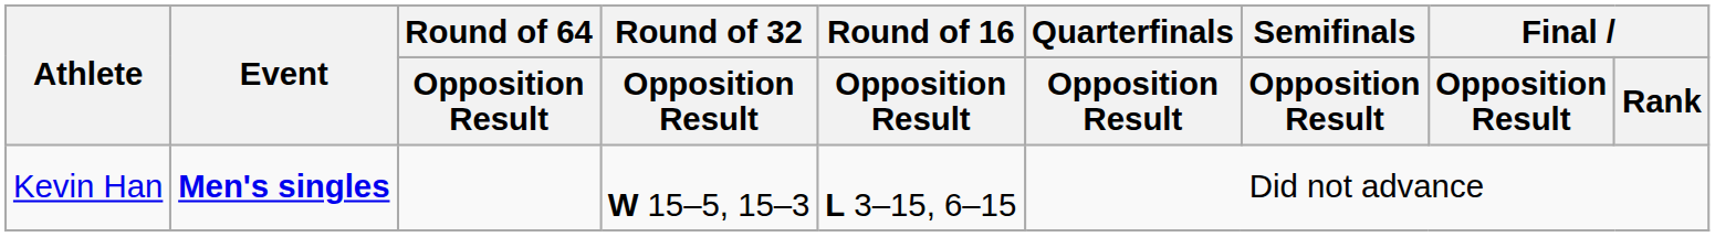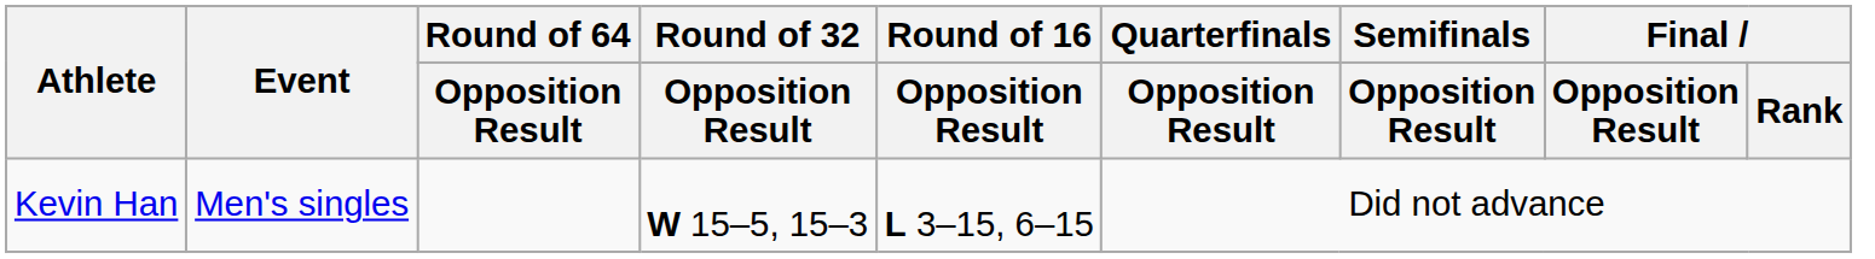 <table class=wikitable style=font-size:90%;text-align:center>
 <tr>
 <th rowspan=2>Athlete</th>
 <th rowspan=2>Event</th>
 <th>Round of 64</th>
 <th>Round of 32</th>
 <th>Round of 16</th>
 <th>Quarterfinals</th>
 <th>Semifinals</th>
 <th colspan=2>Final / </th>
 </tr>
 <tr>
 <th>Opposition<br>Result</th>
 <th>Opposition<br>Result</th>
 <th>Opposition<br>Result</th>
 <th>Opposition<br>Result</th>
 <th>Opposition<br>Result</th>
 <th>Opposition<br>Result</th>
 <th>Rank</th>
 </tr>
 <tr>
 <td align=left><a href='#'>Kevin Han</a></td>
-<td align=left><strong><a href='#'>Men's singles</a></strong></td>
+<td align=left><a href='#'>Men's singles</a></td>
 <td></td>
 <td><br><strong>W</strong> 15–5, 15–3</td>
 <td><br><strong>L</strong> 3–15, 6–15</td>
 <td colspan=5>Did not advance</td>
 </tr>
 </table>
